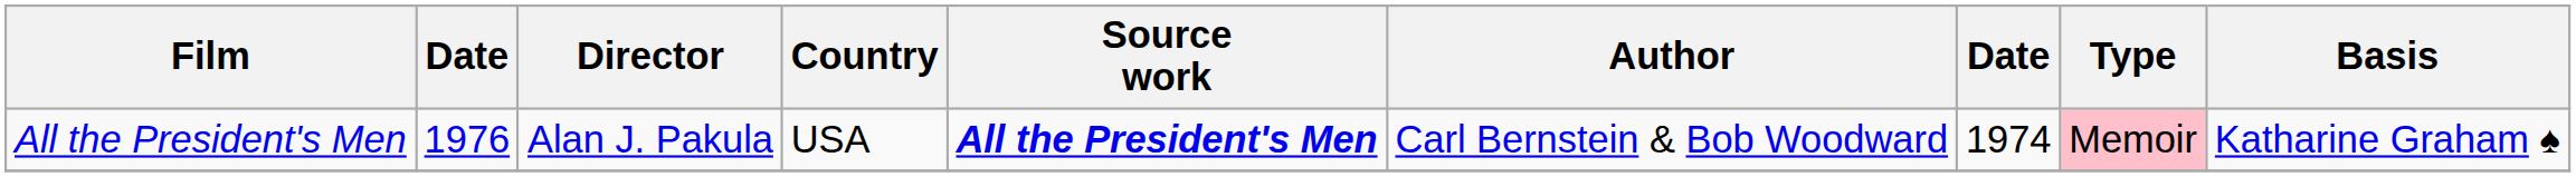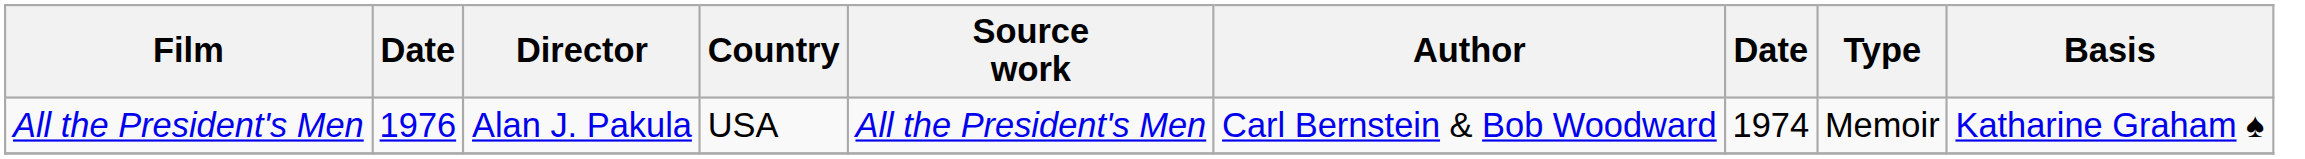 <table class="wikitable">
 <tr>
 <th>Film</th>
 <th>Date</th>
 <th>Director</th>
 <th>Country</th>
 <th>Source<br>work</th>
 <th>Author</th>
 <th>Date</th>
 <th>Type</th>
 <th>Basis</th>
 </tr>
 <tr>
 <td><em><a href='#'>All the President's Men</a></em></td>
 <td><a href='#'>1976</a></td>
 <td><a href='#'>Alan J. Pakula</a></td>
 <td>USA</td>
-<td><strong><em><a href='#'>All the President's Men</a></em></strong></td>
+<td><em><a href='#'>All the President's Men</a></em></td>
 <td><a href='#'>Carl Bernstein</a> & <a href='#'>Bob Woodward</a></td>
 <td>1974</td>
-<td style="background: pink;">Memoir</td>
+<td>Memoir</td>
 <td><a href='#'>Katharine Graham</a> ♠</td>
 </tr>
 <tr>
 </tr>
 </table>
